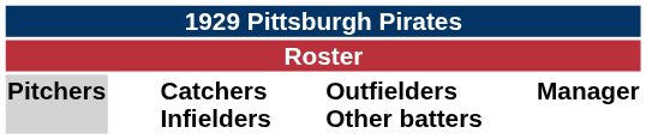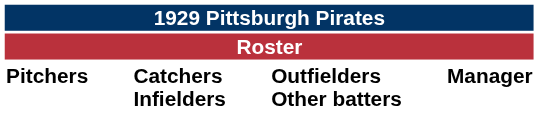 <table class="toccolours" style="font-size: 95%;">
 <tr>
 <th colspan="10" style="background-color: #023465; color: white; text-align: center;">1929 Pittsburgh Pirates</th>
 </tr>
 <tr>
 <td colspan="10" style="background-color: #ba313c; color: white; text-align: center;"><strong>Roster</strong></td>
 </tr>
 <tr>
-<td valign="top" style="background: lightgrey;"><strong>Pitchers</strong><br>            </td>
+<td valign="top"><strong>Pitchers</strong><br>            </td>
 <td width="25px"></td>
 <td valign="top"><strong>Catchers</strong><br>    <strong>Infielders</strong>           </td>
 <td width="25px"></td>
 <td valign="top"><strong>Outfielders</strong><br>      <strong>Other batters</strong> </td>
 <td width="25px"></td>
 <td valign="top"><strong>Manager</strong><br></td>
 </tr>
 </table>
